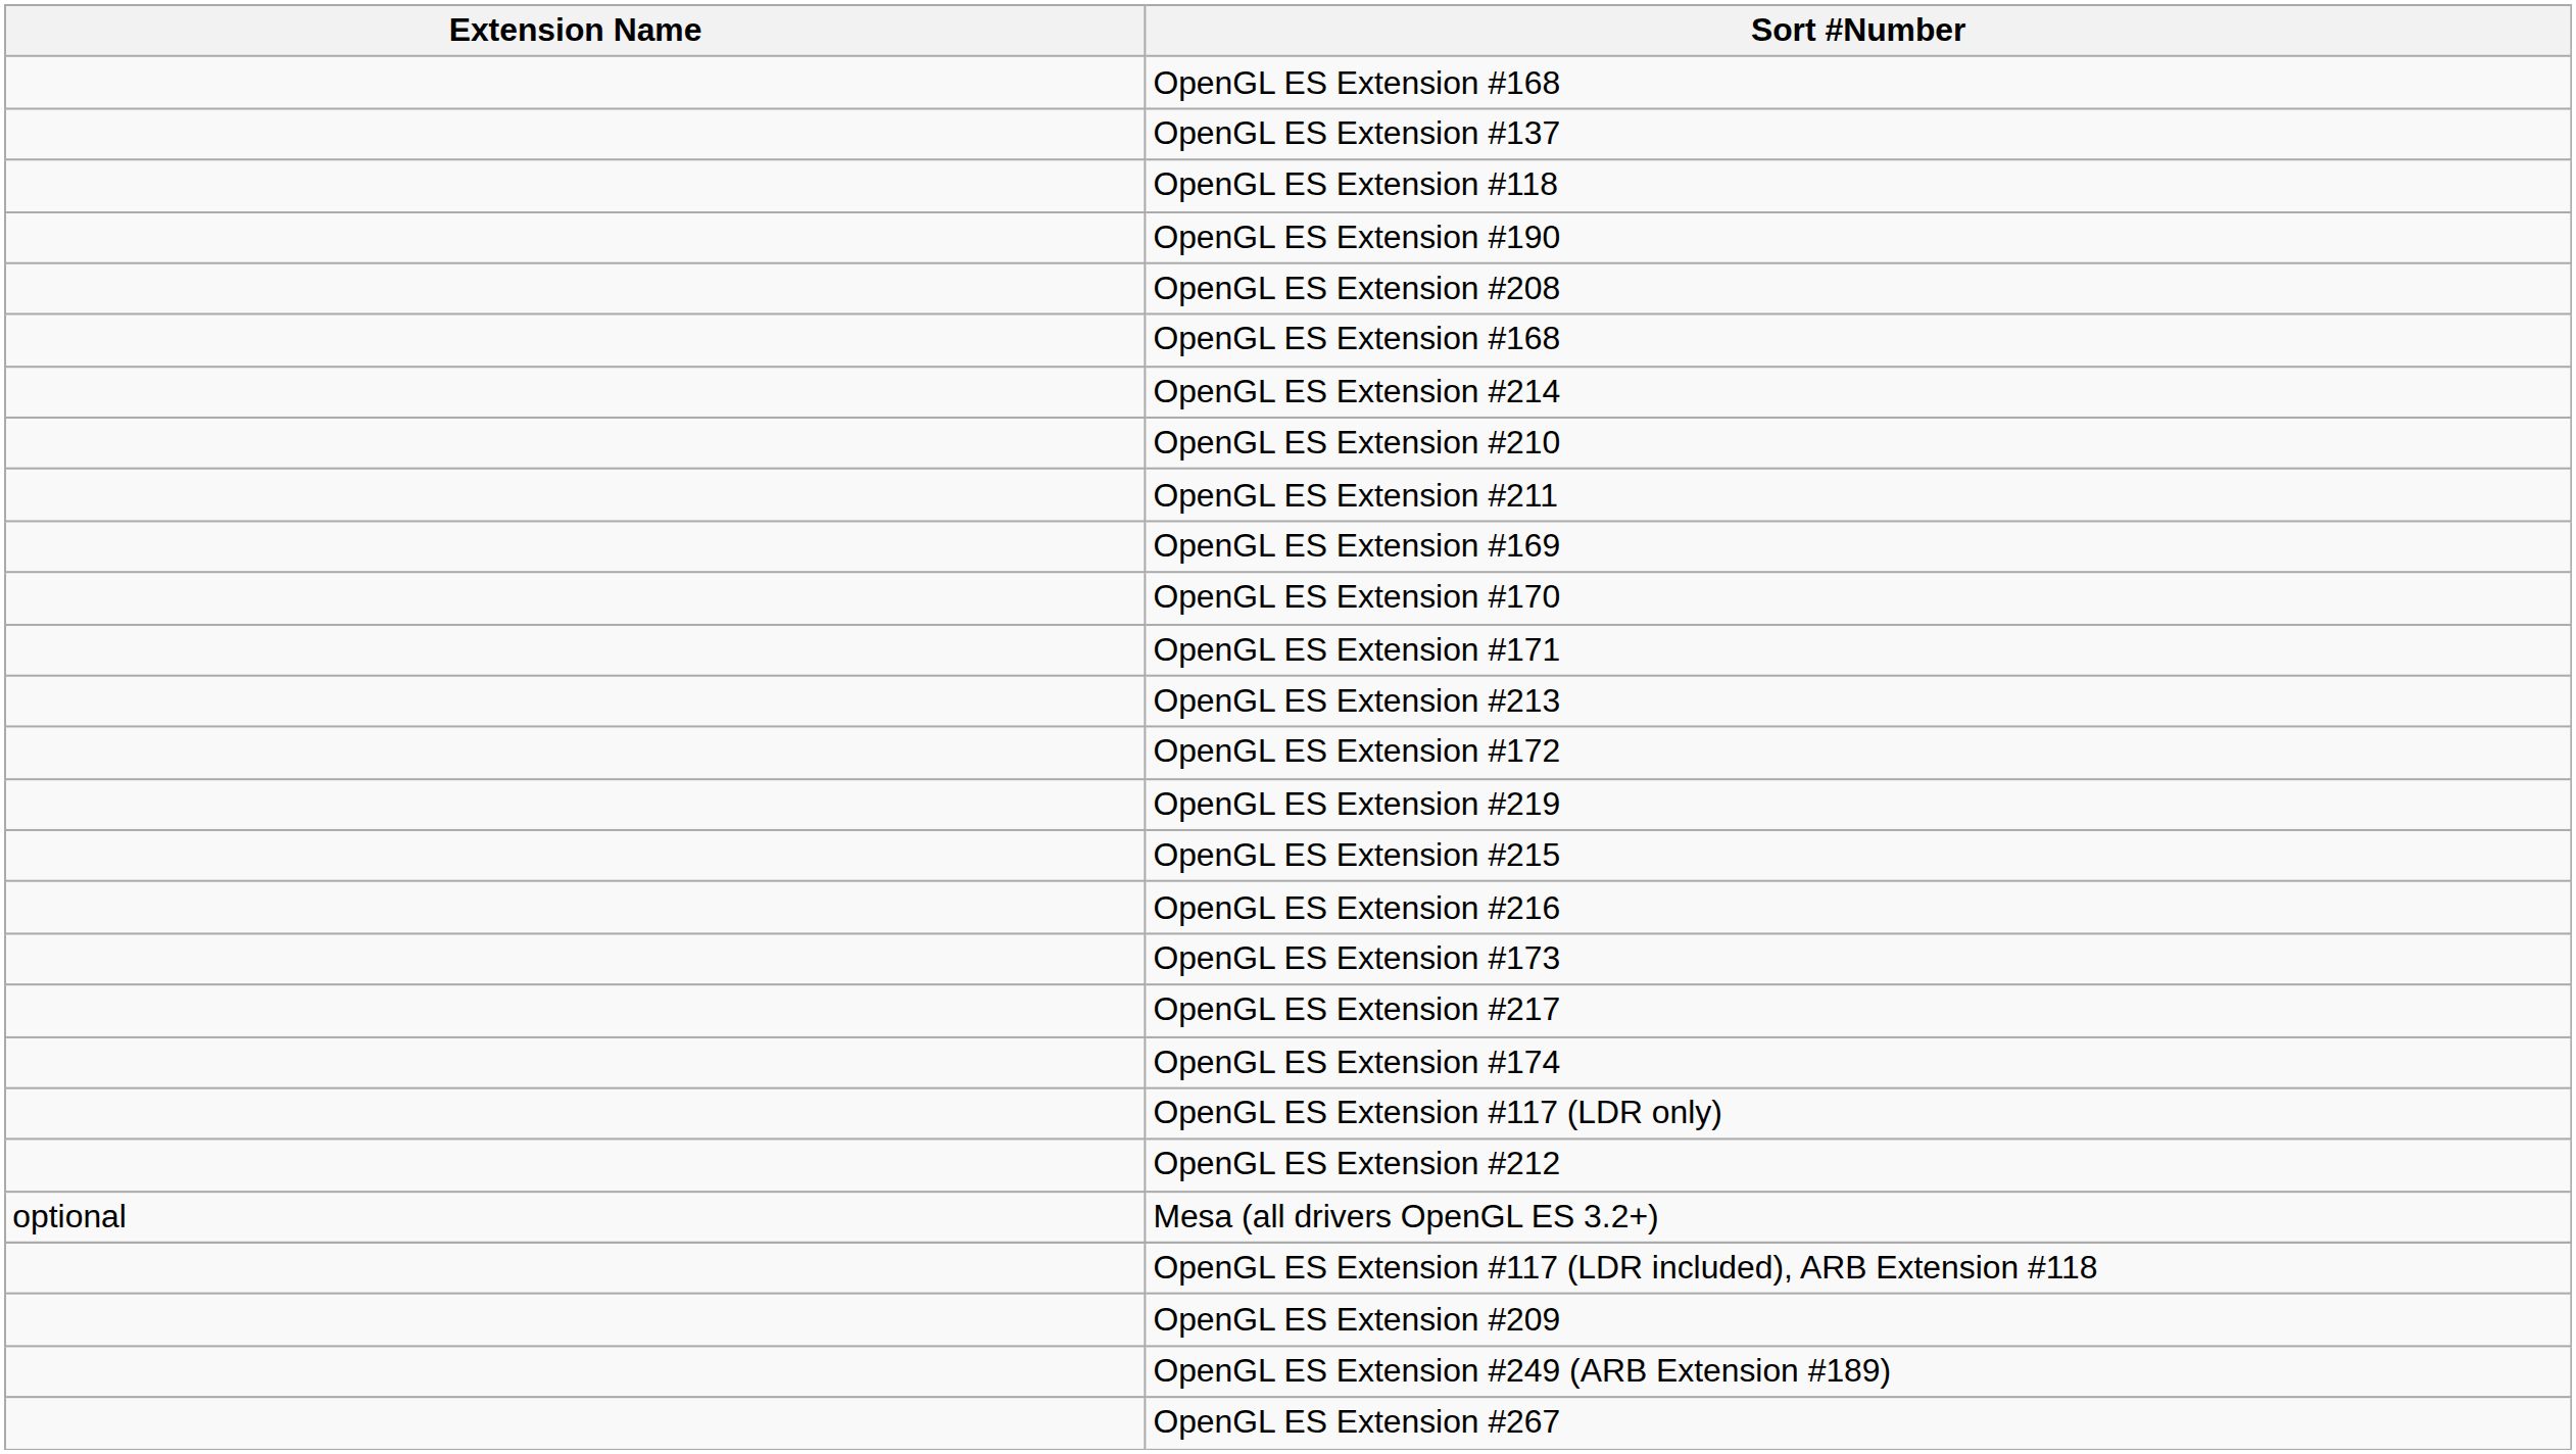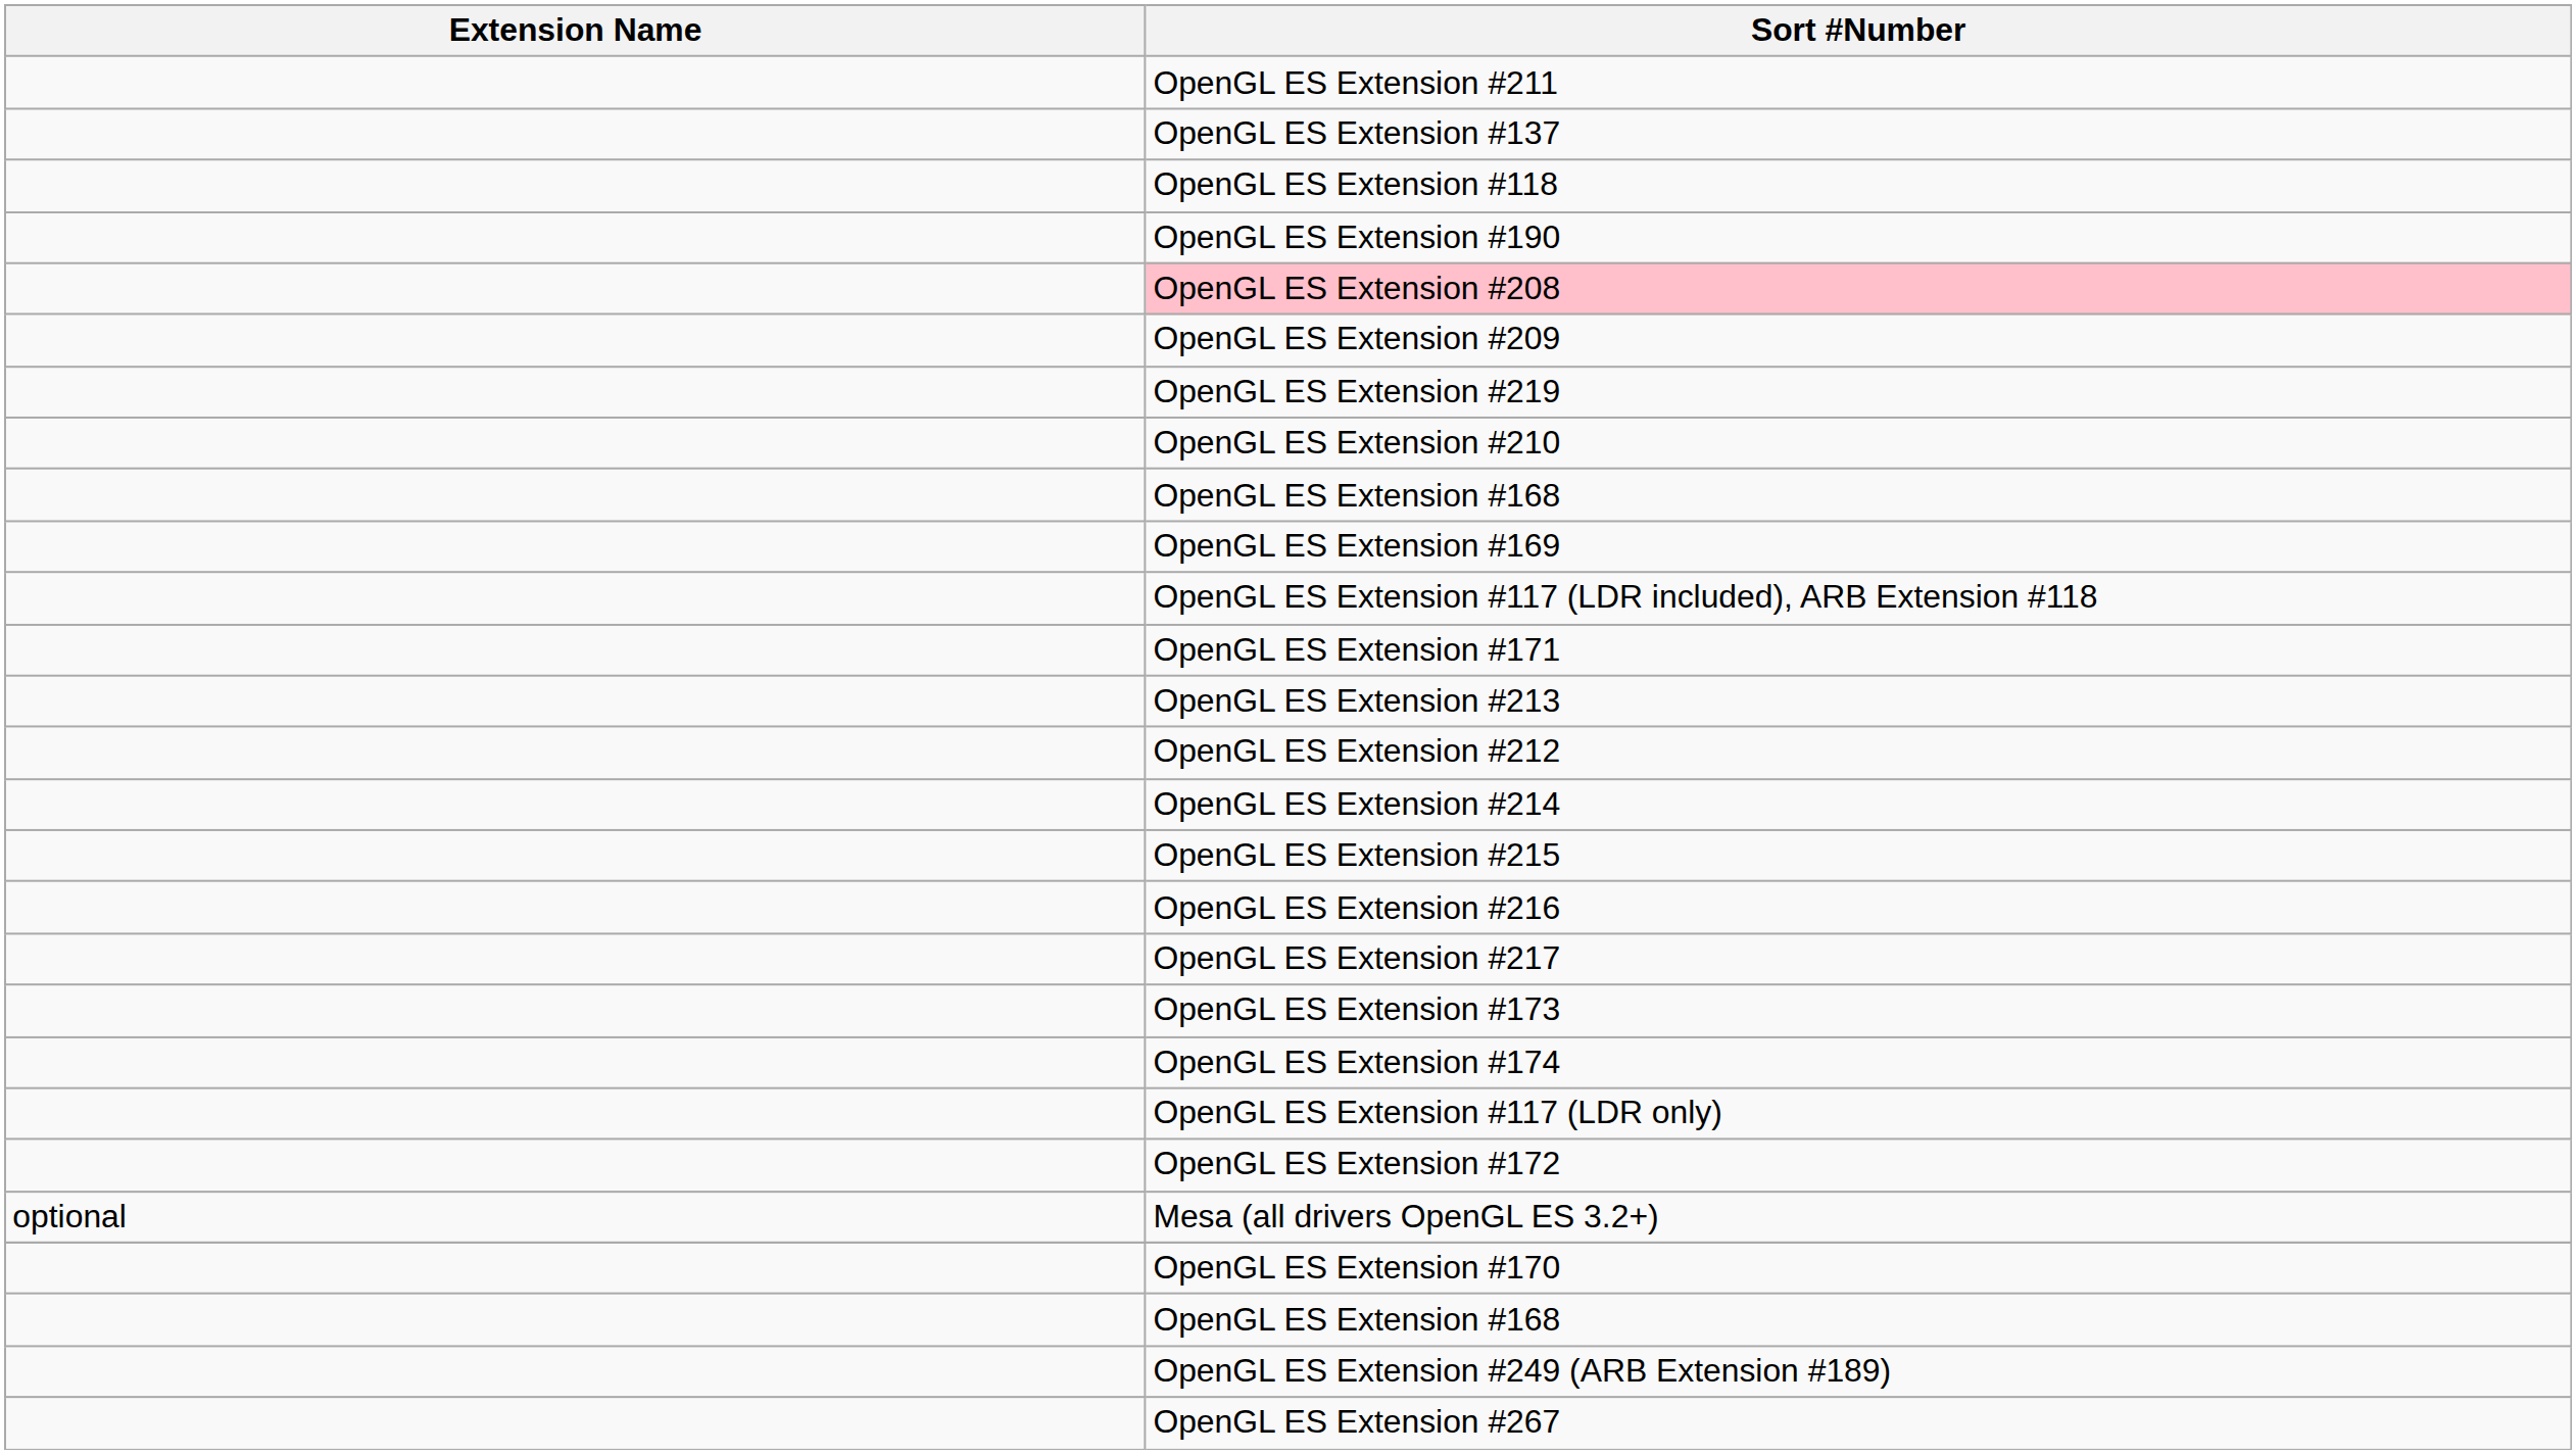 <table class="wikitable" style="width: 100%">
 <tr>
 <th scope="col" style="width: 20%">Extension Name</th>
 <th scope="col" style="width: 25%">Sort #Number</th>
 </tr>
 <tr>
 <td></td>
-<td>OpenGL ES Extension #168</td>
+<td>OpenGL ES Extension #211</td>
 </tr>
 <tr>
 <td></td>
 <td>OpenGL ES Extension #137</td>
 </tr>
 <tr>
 <td></td>
 <td>OpenGL ES Extension #118</td>
 </tr>
 <tr>
 <td></td>
 <td>OpenGL ES Extension #190</td>
 </tr>
 <tr>
 <td></td>
-<td>OpenGL ES Extension #208</td>
+<td style="background: pink;">OpenGL ES Extension #208</td>
+</tr>
+<tr>
+<td></td>
+<td>OpenGL ES Extension #209</td>
+</tr>
+<tr>
+<td></td>
+<td>OpenGL ES Extension #219</td>
+</tr>
+<tr>
+<td></td>
+<td>OpenGL ES Extension #210</td>
 </tr>
 <tr>
 <td></td>
 <td>OpenGL ES Extension #168</td>
 </tr>
 <tr>
 <td></td>
-<td>OpenGL ES Extension #214</td>
-</tr>
-<tr>
-<td></td>
-<td>OpenGL ES Extension #210</td>
-</tr>
-<tr>
-<td></td>
-<td>OpenGL ES Extension #211</td>
-</tr>
-<tr>
-<td></td>
 <td>OpenGL ES Extension #169</td>
 </tr>
 <tr>
 <td></td>
-<td>OpenGL ES Extension #170</td>
+<td>OpenGL ES Extension #117 (LDR included), ARB Extension #118</td>
 </tr>
 <tr>
 <td></td>
 <td>OpenGL ES Extension #171</td>
 </tr>
 <tr>
 <td></td>
 <td>OpenGL ES Extension #213</td>
 </tr>
 <tr>
 <td></td>
-<td>OpenGL ES Extension #172</td>
+<td>OpenGL ES Extension #212</td>
 </tr>
 <tr>
 <td></td>
-<td>OpenGL ES Extension #219</td>
+<td>OpenGL ES Extension #214</td>
 </tr>
 <tr>
 <td></td>
 <td>OpenGL ES Extension #215</td>
 </tr>
 <tr>
 <td></td>
 <td>OpenGL ES Extension #216</td>
 </tr>
 <tr>
 <td></td>
-<td>OpenGL ES Extension #173</td>
+<td>OpenGL ES Extension #217</td>
 </tr>
 <tr>
 <td></td>
-<td>OpenGL ES Extension #217</td>
+<td>OpenGL ES Extension #173</td>
 </tr>
 <tr>
 <td></td>
 <td>OpenGL ES Extension #174</td>
 </tr>
 <tr>
 <td></td>
 <td>OpenGL ES Extension #117 (LDR only)</td>
 </tr>
 <tr>
 <td></td>
-<td>OpenGL ES Extension #212</td>
+<td>OpenGL ES Extension #172</td>
 </tr>
 <tr>
 <td>optional</td>
 <td>Mesa (all drivers OpenGL ES 3.2+)</td>
 </tr>
 <tr>
 </tr>
 <tr>
 <td></td>
-<td>OpenGL ES Extension #117 (LDR included), ARB Extension #118</td>
+<td>OpenGL ES Extension #170</td>
 </tr>
 <tr>
 <td></td>
-<td>OpenGL ES Extension #209</td>
+<td>OpenGL ES Extension #168</td>
 </tr>
 <tr>
 <td></td>
 <td>OpenGL ES Extension #249 (ARB Extension #189)</td>
 </tr>
 <tr>
 <td><br></td>
 <td>OpenGL ES Extension #267</td>
 </tr>
 </table>
